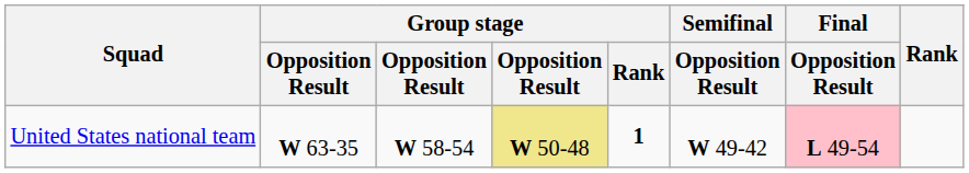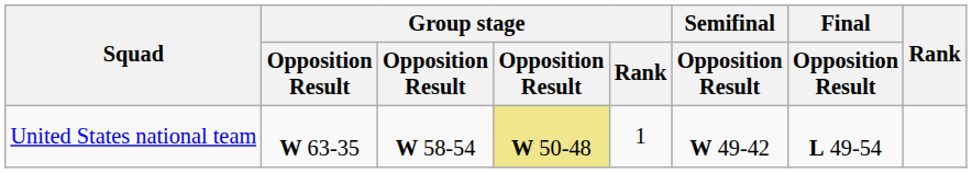 <table class=wikitable style="font-size:90%">
 <tr>
 <th rowspan="2">Squad</th>
 <th colspan="4">Group stage</th>
 <th>Semifinal</th>
 <th>Final</th>
 <th rowspan="2">Rank</th>
 </tr>
 <tr>
 <th>Opposition<br>Result</th>
 <th>Opposition<br>Result</th>
 <th>Opposition<br>Result</th>
 <th>Rank</th>
 <th>Opposition<br>Result</th>
 <th>Opposition<br>Result</th>
 </tr>
 <tr align=center>
 <td align=left><a href='#'>United States national team</a></td>
 <td><br> <strong>W</strong> 63-35</td>
 <td><br> <strong>W</strong> 58-54</td>
 <td style="background: khaki;"><br> <strong>W</strong> 50-48</td>
-<td><strong>1</strong></td>
+<td>1</td>
 <td><br> <strong>W</strong> 49-42</td>
-<td style="background: pink;"><br> <strong>L</strong> 49-54</td>
+<td><br> <strong>L</strong> 49-54</td>
 <td></td>
 </tr>
 </table>
